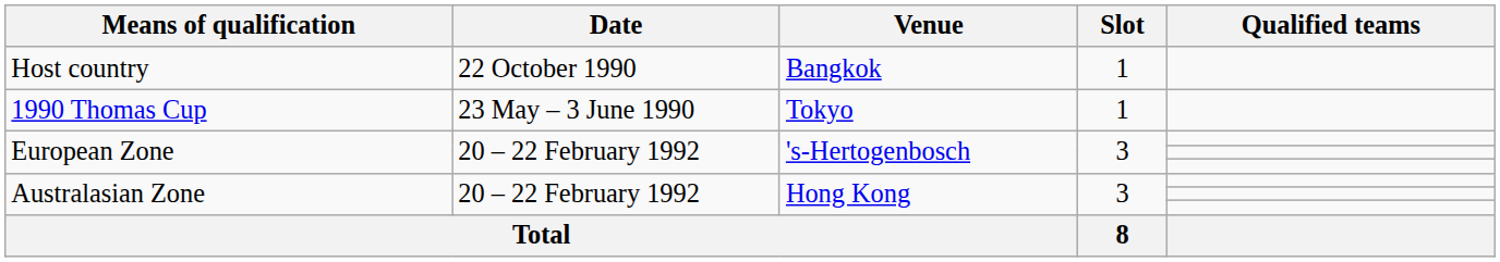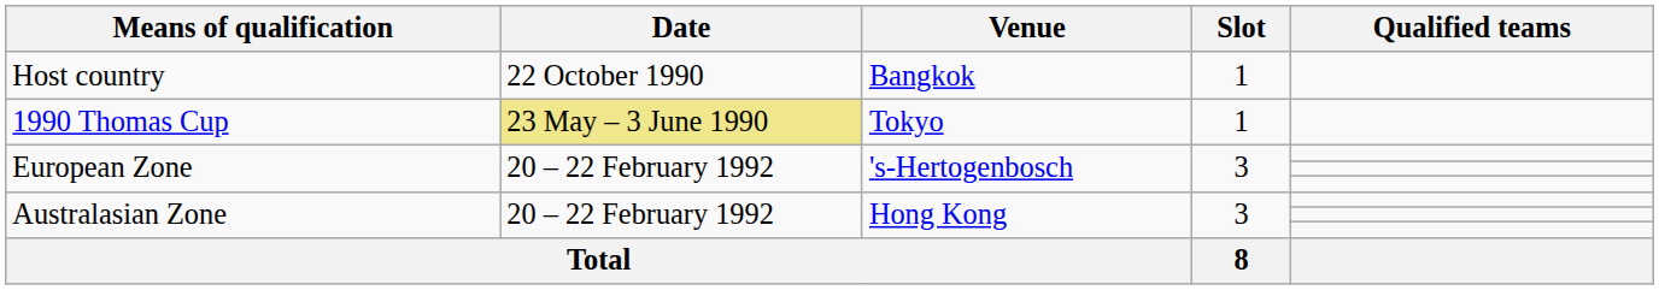 <table class="wikitable" width="900">
 <tr>
 <th width="30%">Means of qualification</th>
 <th width="22%">Date</th>
 <th width="20%">Venue</th>
 <th width="6%">Slot</th>
 <th width="22%">Qualified teams</th>
 </tr>
 <tr>
 <td>Host country</td>
 <td>22 October 1990</td>
 <td><a href='#'>Bangkok</a></td>
 <td align="center">1</td>
 <td></td>
 </tr>
 <tr>
 <td><a href='#'>1990 Thomas Cup</a></td>
-<td>23 May – 3 June 1990</td>
+<td style="background: khaki;">23 May – 3 June 1990</td>
 <td><a href='#'>Tokyo</a></td>
 <td align="center">1</td>
 <td></td>
 </tr>
 <tr>
 <td rowspan="3">European Zone</td>
 <td rowspan="3">20 – 22 February 1992</td>
 <td rowspan="3"><a href='#'>'s-Hertogenbosch</a></td>
 <td rowspan="3" align="center">3</td>
 <td></td>
 </tr>
 <tr>
 <td></td>
 </tr>
 <tr>
 <td></td>
 </tr>
 <tr>
 <td rowspan="3">Australasian Zone</td>
 <td rowspan="3">20 – 22 February 1992</td>
 <td rowspan="3"><a href='#'>Hong Kong</a></td>
 <td rowspan="3" align="center">3</td>
 <td></td>
 </tr>
 <tr>
 <td></td>
 </tr>
 <tr>
 <td></td>
 </tr>
 <tr>
 <th colspan="3">Total</th>
 <th>8</th>
 <th></th>
 </tr>
 </table>
